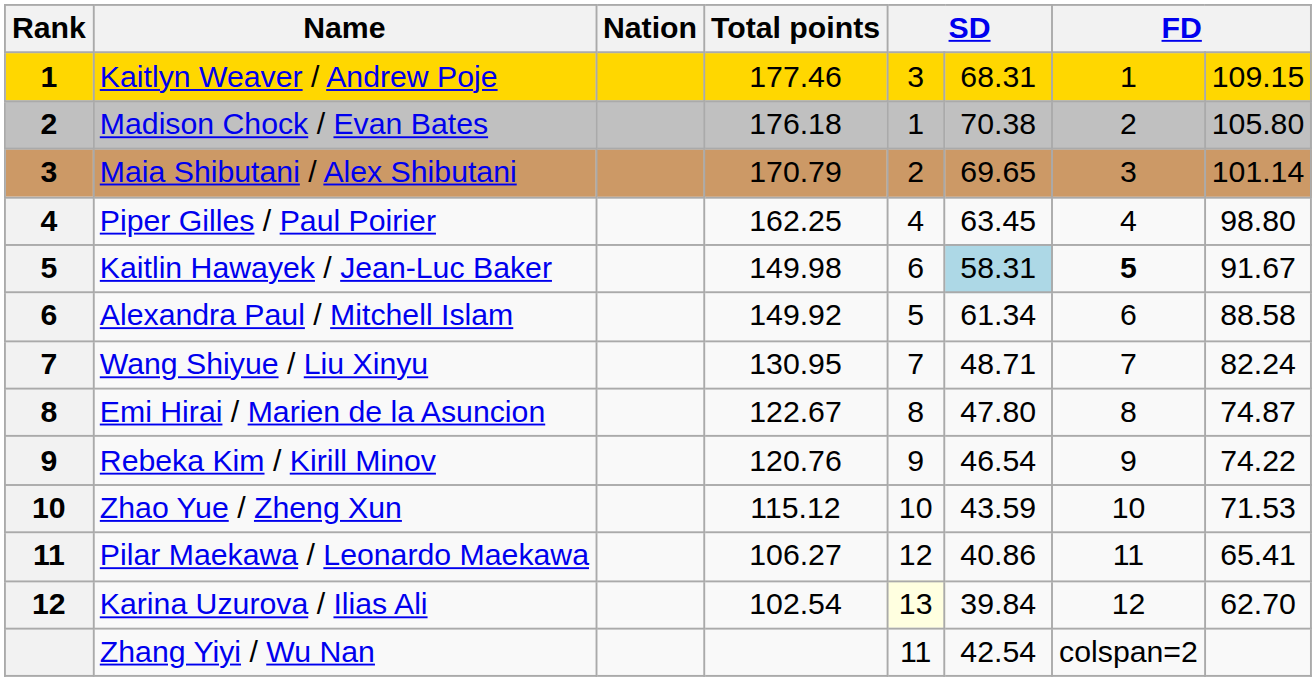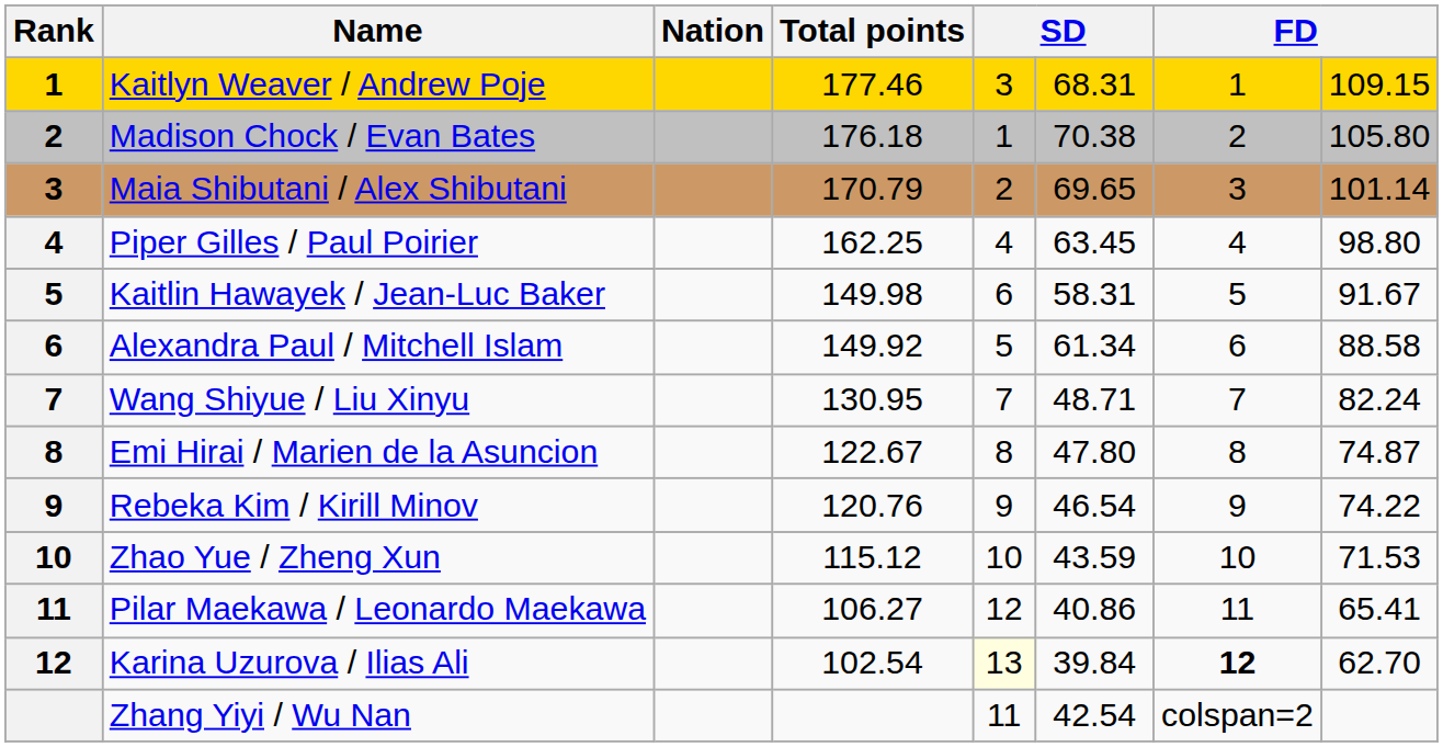 <table class="wikitable sortable">
 <tr>
 <th>Rank</th>
 <th>Name</th>
 <th>Nation</th>
 <th>Total points</th>
 <th colspan="2" width="80px"><a href='#'>SD</a></th>
 <th colspan="2" width="80px"><a href='#'>FD</a></th>
 </tr>
 <tr bgcolor="gold">
 <td align="center"><strong>1</strong></td>
 <td><a href='#'>Kaitlyn Weaver</a> / <a href='#'>Andrew Poje</a></td>
 <td></td>
 <td align="center">177.46</td>
 <td align="center">3</td>
 <td align="center">68.31</td>
 <td align="center">1</td>
 <td align="center">109.15</td>
 </tr>
 <tr bgcolor="silver">
 <td align="center"><strong>2</strong></td>
 <td><a href='#'>Madison Chock</a> / <a href='#'>Evan Bates</a></td>
 <td></td>
 <td align="center">176.18</td>
 <td align="center">1</td>
 <td align="center">70.38</td>
 <td align="center">2</td>
 <td align="center">105.80</td>
 </tr>
 <tr bgcolor="#cc9966">
 <td align="center"><strong>3</strong></td>
 <td><a href='#'>Maia Shibutani</a> / <a href='#'>Alex Shibutani</a></td>
 <td></td>
 <td align="center">170.79</td>
 <td align="center">2</td>
 <td align="center">69.65</td>
 <td align="center">3</td>
 <td align="center">101.14</td>
 </tr>
 <tr>
 <th>4</th>
 <td><a href='#'>Piper Gilles</a> / <a href='#'>Paul Poirier</a></td>
 <td></td>
 <td align="center">162.25</td>
 <td align="center">4</td>
 <td align="center">63.45</td>
 <td align="center">4</td>
 <td align="center">98.80</td>
 </tr>
 <tr>
 <th>5</th>
 <td><a href='#'>Kaitlin Hawayek</a> / <a href='#'>Jean-Luc Baker</a></td>
 <td></td>
 <td align="center">149.98</td>
 <td align="center">6</td>
-<td align="center" style="background: lightblue;">58.31</td>
-<td align="center"><strong>5</strong></td>
+<td align="center">58.31</td>
+<td align="center">5</td>
 <td align="center">91.67</td>
 </tr>
 <tr>
 <th>6</th>
 <td><a href='#'>Alexandra Paul</a> / <a href='#'>Mitchell Islam</a></td>
 <td></td>
 <td align="center">149.92</td>
 <td align="center">5</td>
 <td align="center">61.34</td>
 <td align="center">6</td>
 <td align="center">88.58</td>
 </tr>
 <tr>
 <th>7</th>
 <td><a href='#'>Wang Shiyue</a> / <a href='#'>Liu Xinyu</a></td>
 <td></td>
 <td align="center">130.95</td>
 <td align="center">7</td>
 <td align="center">48.71</td>
 <td align="center">7</td>
 <td align="center">82.24</td>
 </tr>
 <tr>
 <th>8</th>
 <td><a href='#'>Emi Hirai</a> / <a href='#'>Marien de la Asuncion</a></td>
 <td></td>
 <td align="center">122.67</td>
 <td align="center">8</td>
 <td align="center">47.80</td>
 <td align="center">8</td>
 <td align="center">74.87</td>
 </tr>
 <tr>
 <th>9</th>
 <td><a href='#'>Rebeka Kim</a> / <a href='#'>Kirill Minov</a></td>
 <td></td>
 <td align="center">120.76</td>
 <td align="center">9</td>
 <td align="center">46.54</td>
 <td align="center">9</td>
 <td align="center">74.22</td>
 </tr>
 <tr>
 <th>10</th>
 <td><a href='#'>Zhao Yue</a> / <a href='#'>Zheng Xun</a></td>
 <td></td>
 <td align="center">115.12</td>
 <td align="center">10</td>
 <td align="center">43.59</td>
 <td align="center">10</td>
 <td align="center">71.53</td>
 </tr>
 <tr>
 <th>11</th>
 <td><a href='#'>Pilar Maekawa</a> / <a href='#'>Leonardo Maekawa</a></td>
 <td></td>
 <td align="center">106.27</td>
 <td align="center">12</td>
 <td align="center">40.86</td>
 <td align="center">11</td>
 <td align="center">65.41</td>
 </tr>
 <tr>
 <th>12</th>
 <td><a href='#'>Karina Uzurova</a> / <a href='#'>Ilias Ali</a></td>
 <td></td>
 <td align="center">102.54</td>
 <td align="center" style="background: lightyellow;">13</td>
 <td align="center">39.84</td>
-<td align="center">12</td>
+<td align="center"><strong>12</strong></td>
 <td align="center">62.70</td>
 </tr>
 <tr>
 <th></th>
 <td><a href='#'>Zhang Yiyi</a> / <a href='#'>Wu Nan</a></td>
 <td></td>
 <td></td>
 <td align="center">11</td>
 <td align="center">42.54</td>
 <td>colspan=2 </td>
 </tr>
 </table>
